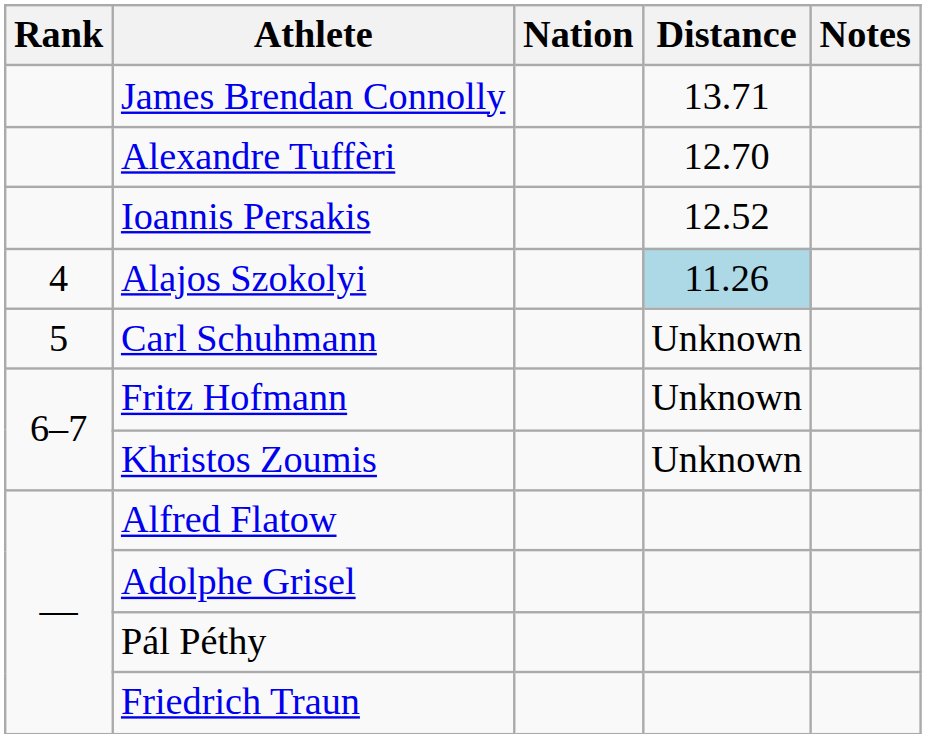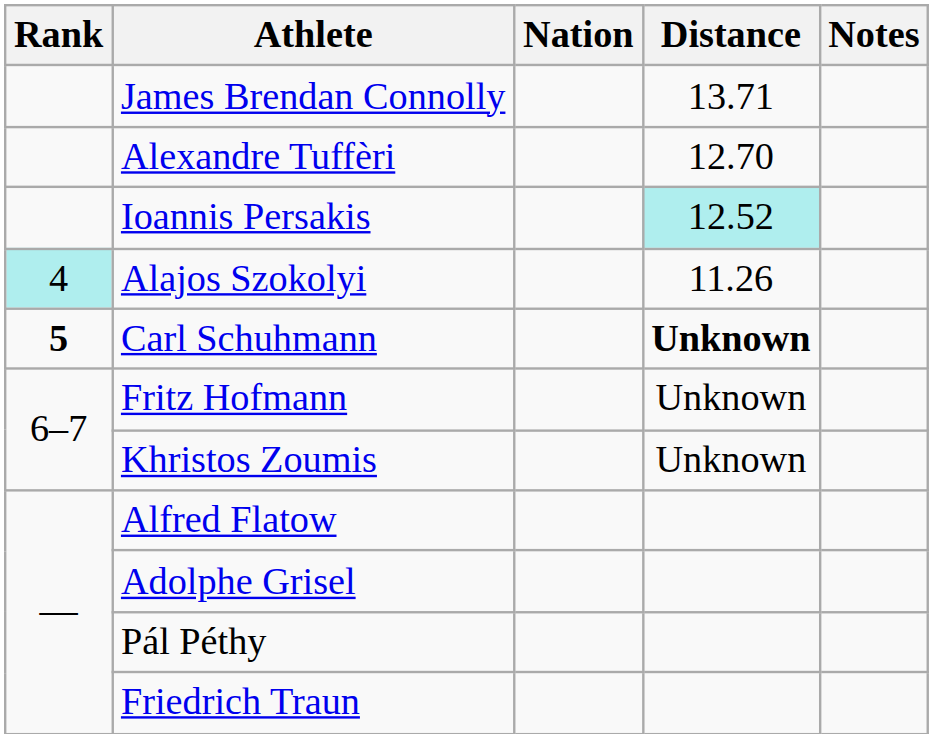 <table class="wikitable sortable" style="text-align:center">
 <tr>
 <th>Rank</th>
 <th>Athlete</th>
 <th>Nation</th>
 <th>Distance</th>
 <th>Notes</th>
 </tr>
 <tr>
 <td></td>
 <td align=left><a href='#'>James Brendan Connolly</a></td>
 <td align=left></td>
 <td>13.71</td>
 <td></td>
 </tr>
 <tr>
 <td></td>
 <td align=left><a href='#'>Alexandre Tuffèri</a></td>
 <td align=left></td>
 <td>12.70</td>
 <td></td>
 </tr>
 <tr>
 <td></td>
 <td align=left><a href='#'>Ioannis Persakis</a></td>
 <td align=left></td>
-<td>12.52</td>
+<td style="background: paleturquoise;">12.52</td>
 <td></td>
 </tr>
 <tr>
-<td>4</td>
+<td style="background: paleturquoise;">4</td>
 <td align=left><a href='#'>Alajos Szokolyi</a></td>
 <td align=left></td>
-<td style="background: lightblue;">11.26</td>
+<td>11.26</td>
 <td></td>
 </tr>
 <tr>
-<td>5</td>
+<td><strong>5</strong></td>
 <td align=left><a href='#'>Carl Schuhmann</a></td>
 <td align=left></td>
-<td data-sort-value=1.00>Unknown</td>
+<td data-sort-value=1.00><strong>Unknown</strong></td>
 <td></td>
 </tr>
 <tr>
 <td rowspan=2>6–7</td>
 <td align=left><a href='#'>Fritz Hofmann</a></td>
 <td align=left></td>
 <td data-sort-value=1.00>Unknown</td>
 <td></td>
 </tr>
 <tr>
 <td align=left><a href='#'>Khristos Zoumis</a></td>
 <td align=left></td>
 <td data-sort-value=1.00>Unknown</td>
 <td></td>
 </tr>
 <tr>
 <td rowspan=4 data-sort-value=8>—</td>
 <td align=left><a href='#'>Alfred Flatow</a></td>
 <td align=left></td>
 <td data-sort-value=0.00></td>
 <td></td>
 </tr>
 <tr>
 <td align=left><a href='#'>Adolphe Grisel</a></td>
 <td align=left></td>
 <td data-sort-value=0.00></td>
 <td></td>
 </tr>
 <tr>
 <td align=left>Pál Péthy</td>
 <td align=left></td>
 <td data-sort-value=0.00></td>
 <td></td>
 </tr>
 <tr>
 <td align=left><a href='#'>Friedrich Traun</a></td>
 <td align=left></td>
 <td data-sort-value=0.00></td>
 <td></td>
 </tr>
 </table>
